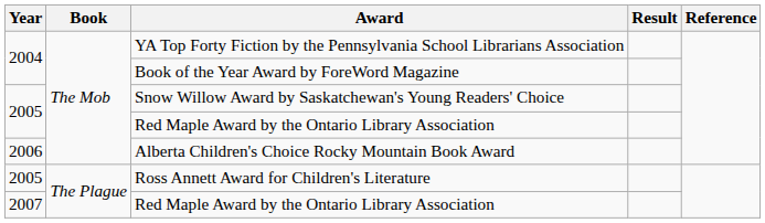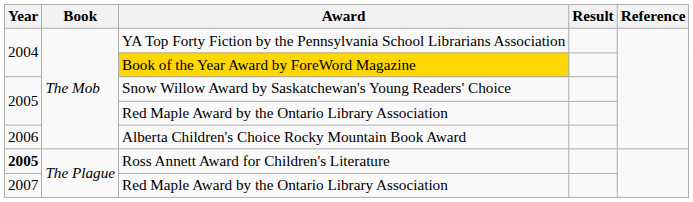 <table class="wikitable">
 <tr>
 <th>Year</th>
 <th>Book</th>
 <th>Award</th>
 <th>Result</th>
 <th>Reference</th>
 </tr>
 <tr>
 <td rowspan="2">2004</td>
 <td rowspan="5"><em>The Mob</em></td>
 <td>YA Top Forty Fiction by the Pennsylvania School Librarians Association</td>
 <td></td>
 <td rowspan="5"></td>
 </tr>
 <tr>
-<td>Book of the Year Award by ForeWord Magazine</td>
+<td style="background: gold;">Book of the Year Award by ForeWord Magazine</td>
 <td></td>
 </tr>
 <tr>
 <td rowspan="2">2005</td>
 <td>Snow Willow Award by Saskatchewan's Young Readers' Choice</td>
 <td></td>
 </tr>
 <tr>
 <td>Red Maple Award by the Ontario Library Association</td>
 <td></td>
 </tr>
 <tr>
 <td>2006</td>
 <td>Alberta Children's Choice Rocky Mountain Book Award</td>
 <td></td>
 </tr>
 <tr>
-<td>2005</td>
+<td><strong>2005</strong></td>
 <td rowspan="2"><em>The Plague</em></td>
 <td>Ross Annett Award for Children's Literature</td>
 <td></td>
 <td rowspan="2"></td>
 </tr>
 <tr>
 <td>2007</td>
 <td>Red Maple Award by the Ontario Library Association</td>
 <td></td>
 </tr>
 </table>
